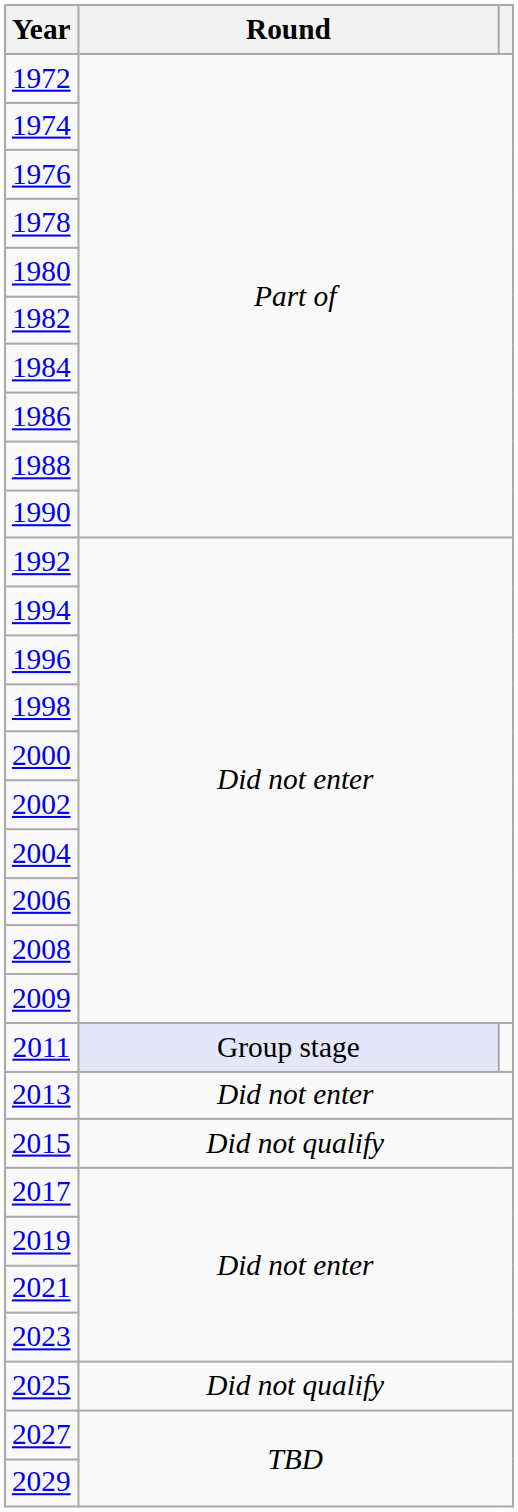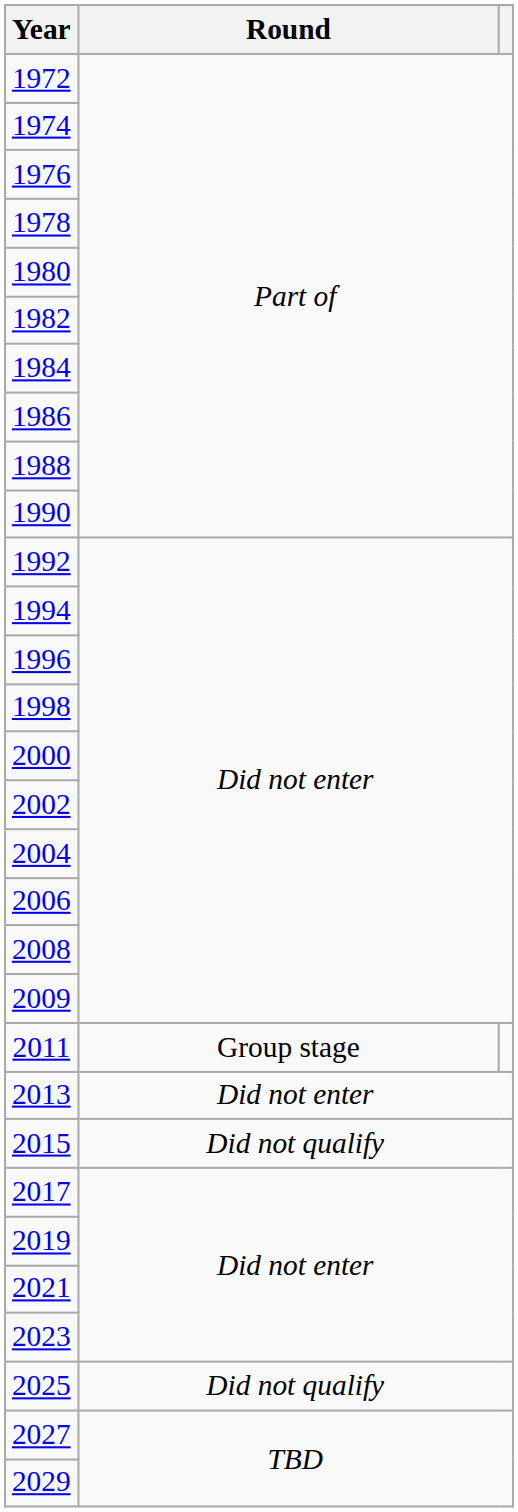 <table class="wikitable" style="text-align: center; font-size:90%">
 <tr>
 <th>Year</th>
 <th style="width:200px">Round</th>
 <th></th>
 </tr>
 <tr>
 <td><a href='#'>1972</a></td>
 <td colspan="2" rowspan="10"><em>Part of </em></td>
 </tr>
 <tr>
 <td><a href='#'>1974</a></td>
 </tr>
 <tr>
 <td><a href='#'>1976</a></td>
 </tr>
 <tr>
 <td><a href='#'>1978</a></td>
 </tr>
 <tr>
 <td><a href='#'>1980</a></td>
 </tr>
 <tr>
 <td><a href='#'>1982</a></td>
 </tr>
 <tr>
 <td><a href='#'>1984</a></td>
 </tr>
 <tr>
 <td><a href='#'>1986</a></td>
 </tr>
 <tr>
 <td><a href='#'>1988</a></td>
 </tr>
 <tr>
 <td><a href='#'>1990</a></td>
 </tr>
 <tr>
 <td><a href='#'>1992</a></td>
 <td colspan="2" rowspan="10"><em>Did not enter</em></td>
 </tr>
 <tr>
 <td><a href='#'>1994</a></td>
 </tr>
 <tr>
 <td><a href='#'>1996</a></td>
 </tr>
 <tr>
 <td><a href='#'>1998</a></td>
 </tr>
 <tr>
 <td><a href='#'>2000</a></td>
 </tr>
 <tr>
 <td><a href='#'>2002</a></td>
 </tr>
 <tr>
 <td><a href='#'>2004</a></td>
 </tr>
 <tr>
 <td><a href='#'>2006</a></td>
 </tr>
 <tr>
 <td><a href='#'>2008</a></td>
 </tr>
 <tr>
 <td><a href='#'>2009</a></td>
 </tr>
 <tr>
 <td><a href='#'>2011</a></td>
-<td style="background: lavender;">Group stage</td>
+<td>Group stage</td>
 <td></td>
 </tr>
 <tr>
 <td><a href='#'>2013</a></td>
 <td colspan="2"><em>Did not enter</em></td>
 </tr>
 <tr>
 <td><a href='#'>2015</a></td>
 <td colspan="2"><em>Did not qualify</em></td>
 </tr>
 <tr>
 <td><a href='#'>2017</a></td>
 <td colspan="2" rowspan="4"><em>Did not enter</em></td>
 </tr>
 <tr>
 <td><a href='#'>2019</a></td>
 </tr>
 <tr>
 <td><a href='#'>2021</a></td>
 </tr>
 <tr>
 <td><a href='#'>2023</a></td>
 </tr>
 <tr>
 <td><a href='#'>2025</a></td>
 <td colspan="2"><em>Did not qualify</em></td>
 </tr>
 <tr>
 <td><a href='#'>2027</a></td>
 <td colspan="2" rowspan="2"><em>TBD</em></td>
 </tr>
 <tr>
 <td><a href='#'>2029</a></td>
 </tr>
 </table>
